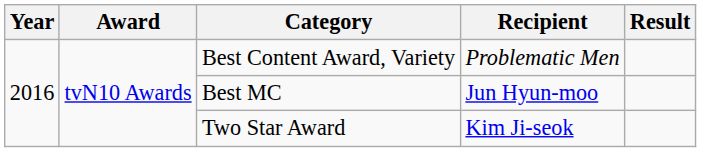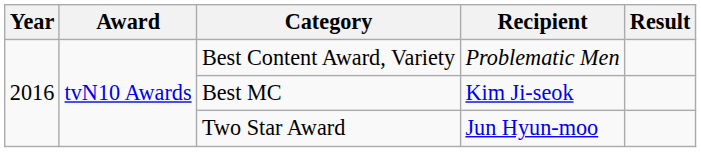 <table class="wikitable">
 <tr>
 <th>Year</th>
 <th>Award</th>
 <th>Category</th>
 <th>Recipient</th>
 <th>Result</th>
 </tr>
 <tr>
 <td rowspan=3>2016</td>
 <td rowspan=3 style="text-align:center;"><a href='#'>tvN10 Awards</a></td>
 <td>Best Content Award, Variety</td>
 <td><em>Problematic Men</em></td>
 <td></td>
 </tr>
 <tr>
 <td>Best MC</td>
-<td><a href='#'>Jun Hyun-moo</a></td>
+<td><a href='#'>Kim Ji-seok</a></td>
 <td></td>
 </tr>
 <tr>
 <td>Two Star Award</td>
-<td><a href='#'>Kim Ji-seok</a></td>
+<td><a href='#'>Jun Hyun-moo</a></td>
 <td></td>
 </tr>
 </table>
